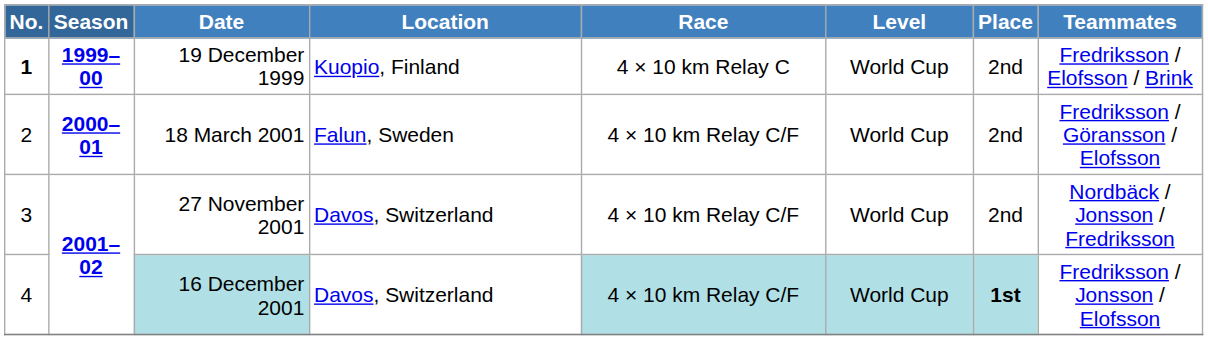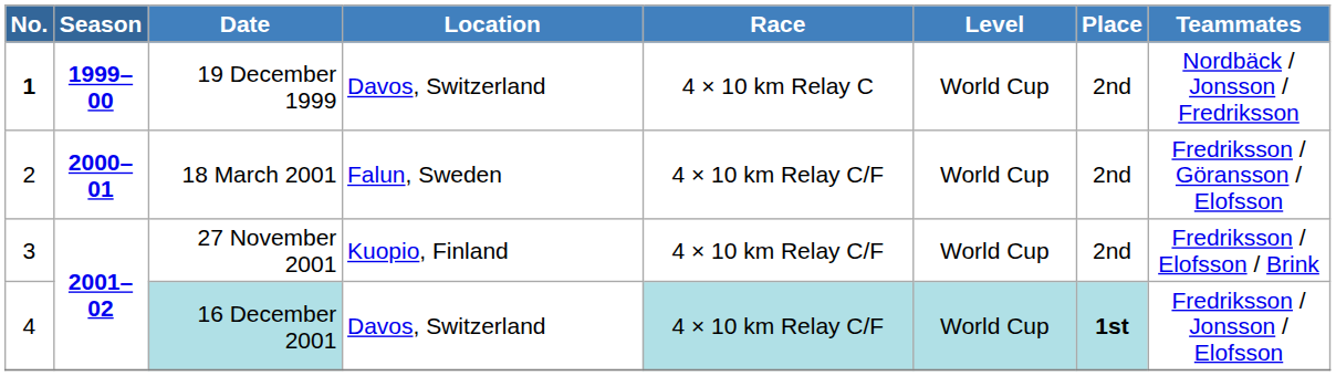 <table class="wikitable sortable" style="font-size:95%; text-align:center; border:grey solid 1px; border-collapse:collapse; background:#ffffff;">
 <tr style="background:#efefef;">
 <th style="background-color:#369; color:white;">No.</th>
 <th style="background-color:#369; color:white;">Season</th>
 <th style="background-color:#4180be; color:white; width:120px;">Date</th>
 <th style="background-color:#4180be; color:white; width:190px;">Location</th>
 <th style="background-color:#4180be; color:white; width:170px;">Race</th>
 <th style="background-color:#4180be; color:white; width:100px;">Level</th>
 <th style="background-color:#4180be; color:white;">Place</th>
 <th style="background-color:#4180be; color:white;">Teammates</th>
 </tr>
 <tr>
 <td align=center><strong>1</strong></td>
 <td rowspan=1 align=center><strong><a href='#'>1999–00</a></strong></td>
 <td align=right>19 December 1999</td>
-<td align=left> <a href='#'>Kuopio</a>, Finland</td>
+<td align=left> <a href='#'>Davos</a>, Switzerland</td>
 <td>4 × 10 km Relay C</td>
 <td>World Cup</td>
 <td>2nd</td>
-<td><a href='#'>Fredriksson</a> / <a href='#'>Elofsson</a> / <a href='#'>Brink</a></td>
+<td><a href='#'>Nordbäck</a> / <a href='#'>Jonsson</a> / <a href='#'>Fredriksson</a></td>
 </tr>
 <tr>
 <td align=center>2</td>
 <td rowspan=1 align=center><strong><a href='#'>2000–01</a></strong></td>
 <td align=right>18 March 2001</td>
 <td align=left> <a href='#'>Falun</a>, Sweden</td>
 <td>4 × 10 km Relay C/F</td>
 <td>World Cup</td>
 <td>2nd</td>
 <td><a href='#'>Fredriksson</a> / <a href='#'>Göransson</a> / <a href='#'>Elofsson</a></td>
 </tr>
 <tr>
 <td align=center>3</td>
 <td rowspan=2 align=center><strong><a href='#'>2001–02</a></strong></td>
 <td align=right>27 November 2001</td>
-<td align=left> <a href='#'>Davos</a>, Switzerland</td>
+<td align=left> <a href='#'>Kuopio</a>, Finland</td>
 <td>4 × 10 km Relay C/F</td>
 <td>World Cup</td>
 <td>2nd</td>
-<td><a href='#'>Nordbäck</a> / <a href='#'>Jonsson</a> / <a href='#'>Fredriksson</a></td>
+<td><a href='#'>Fredriksson</a> / <a href='#'>Elofsson</a> / <a href='#'>Brink</a></td>
 </tr>
 <tr>
 <td align=center>4</td>
 <td bgcolor="#BOEOE6" align=right>16 December 2001</td>
 <td align=left> <a href='#'>Davos</a>, Switzerland</td>
 <td bgcolor="#BOEOE6" align=center>4 × 10 km Relay C/F</td>
 <td bgcolor="#BOEOE6">World Cup</td>
 <td bgcolor="#BOEOE6"><strong>1st</strong></td>
 <td><a href='#'>Fredriksson</a> / <a href='#'>Jonsson</a> / <a href='#'>Elofsson</a></td>
 </tr>
 <tr>
 </tr>
 </table>
